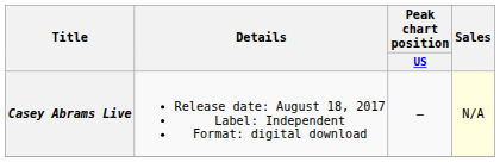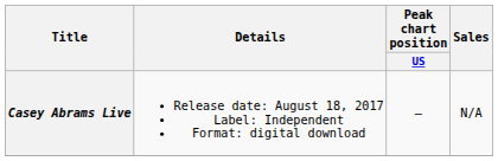 <table class="wikitable plainrowheaders" style="text-align:center;">
 <tr>
 <th scope="col" rowspan="2">Title</th>
 <th scope="col" rowspan="2">Details</th>
 <th scope="col" colspan="1">Peak chart position</th>
 <th scope="col" rowspan="2">Sales</th>
 </tr>
 <tr>
 <th scope="col" style="width:3em;font-size:90%;"><a href='#'>US</a></th>
 </tr>
 <tr>
 <th scope="row"><em>Casey Abrams Live</em></th>
 <td><br><ul><li>Release date: August 18, 2017</li><li>Label: Independent</li><li>Format: digital download</li></ul></td>
 <td>—</td>
-<td style="background: lightyellow;">N/A</td>
+<td>N/A</td>
 </tr>
 <tr>
 </tr>
 </table>
